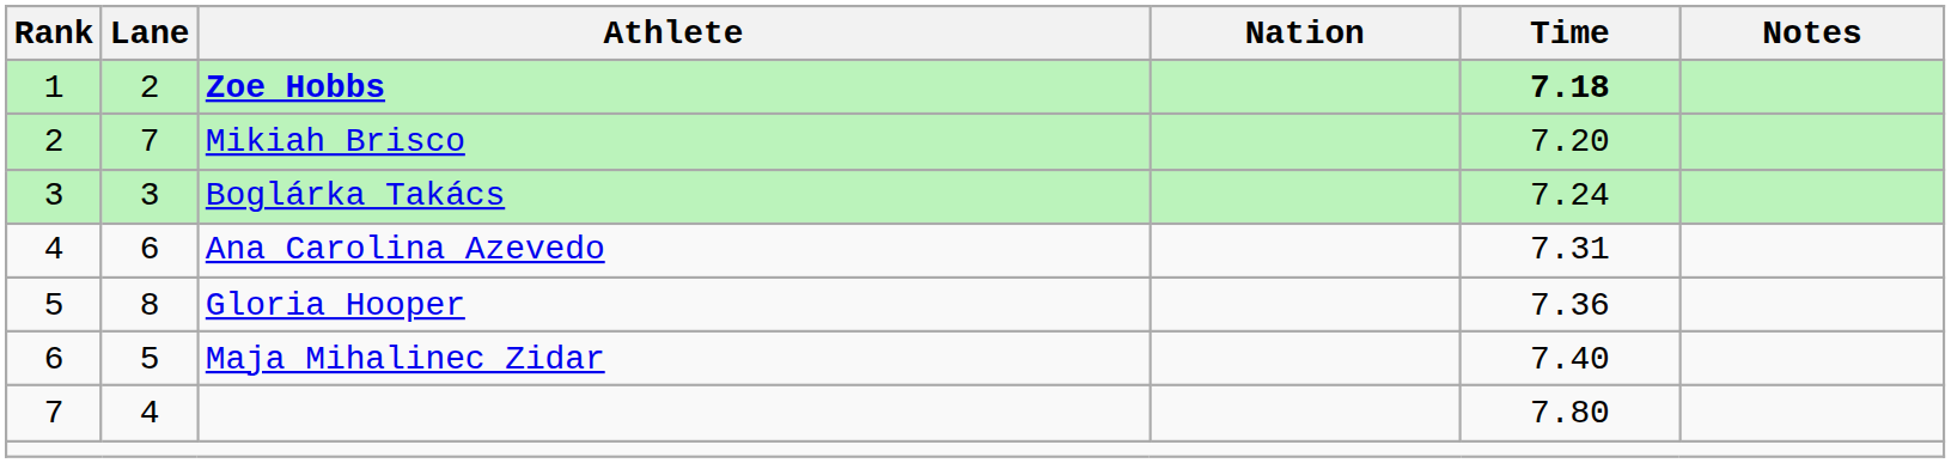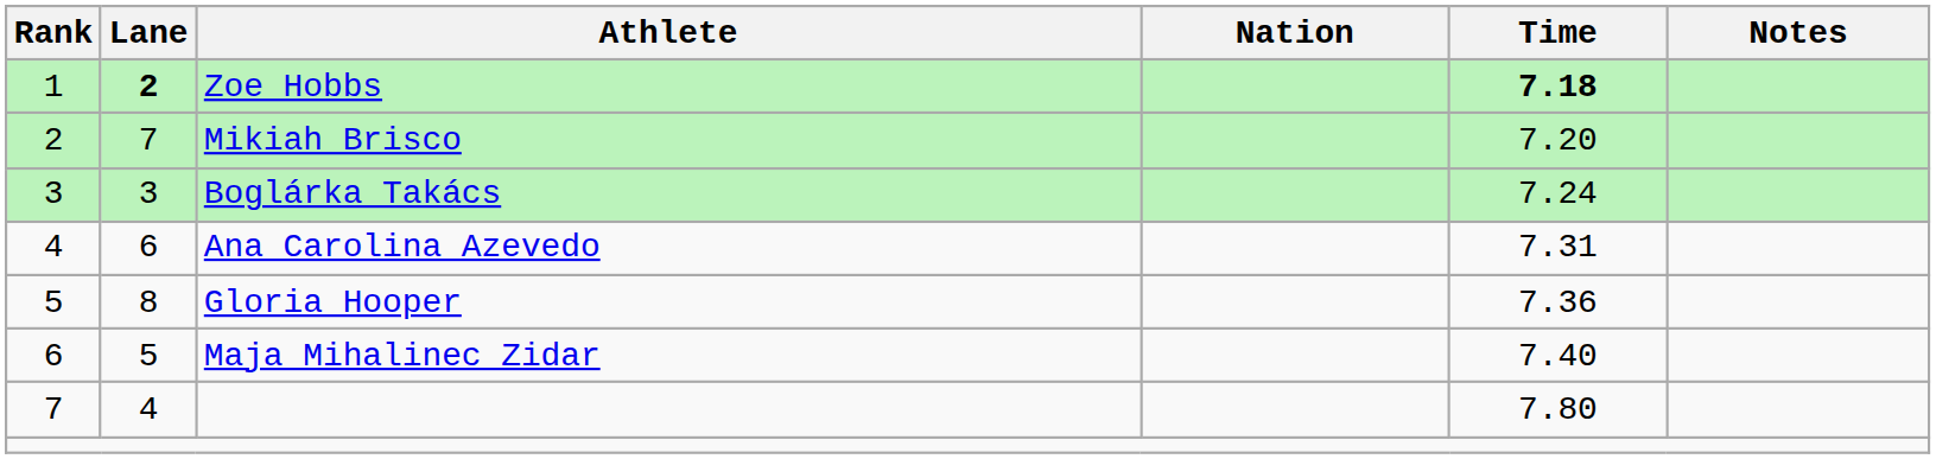 <table class="wikitable sortable" style="text-align:center;width: 60%;">
 <tr>
 <th scope="col" style="width: 10px;">Rank</th>
 <th scope="col" style="width: 10px;">Lane</th>
 <th scope="col">Athlete</th>
 <th scope="col">Nation</th>
 <th scope="col">Time</th>
 <th scope="col">Notes</th>
 </tr>
 <tr bgcolor=bbf3bb>
 <td>1</td>
-<td>2</td>
-<td align=left><strong><a href='#'>Zoe Hobbs</a></strong></td>
+<td><strong>2</strong></td>
+<td align=left><a href='#'>Zoe Hobbs</a></td>
 <td align=left></td>
 <td><strong>7.18</strong></td>
 <td></td>
 </tr>
 <tr bgcolor=bbf3bb>
 <td>2</td>
 <td>7</td>
 <td align=left><a href='#'>Mikiah Brisco</a></td>
 <td align=left></td>
 <td>7.20</td>
 <td></td>
 </tr>
 <tr bgcolor=bbf3bb>
 <td>3</td>
 <td>3</td>
 <td align=left><a href='#'>Boglárka Takács</a></td>
 <td align=left></td>
 <td>7.24</td>
 <td></td>
 </tr>
 <tr>
 <td>4</td>
 <td>6</td>
 <td align=left><a href='#'>Ana Carolina Azevedo</a></td>
 <td align=left></td>
 <td>7.31</td>
 <td></td>
 </tr>
 <tr>
 <td>5</td>
 <td>8</td>
 <td align=left><a href='#'>Gloria Hooper</a></td>
 <td align=left></td>
 <td>7.36</td>
 <td></td>
 </tr>
 <tr>
 <td>6</td>
 <td>5</td>
 <td align=left><a href='#'>Maja Mihalinec Zidar</a></td>
 <td align=left></td>
 <td>7.40</td>
 <td></td>
 </tr>
 <tr>
 <td>7</td>
 <td>4</td>
 <td align=left></td>
 <td align=left></td>
 <td>7.80</td>
 <td></td>
 </tr>
 <tr class="sortbottom">
 <td colspan="6"></td>
 </tr>
 </table>
